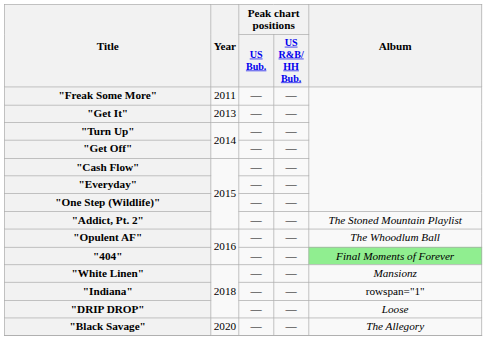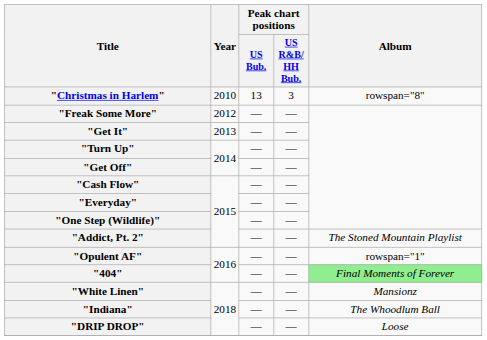 <table class="wikitable plainrowheaders" style="text-align:center;">
 <tr>
 <th scope="col" rowspan="2" style="width:18em;">Title</th>
 <th scope="col" rowspan="2" style="width:1em;">Year</th>
 <th scope="col" colspan="2">Peak chart positions</th>
 <th scope="col" rowspan="2" style="width:15em;">Album</th>
 </tr>
 <tr>
 <th scope="col" style="width:3em;font-size:90%;"><a href='#'>US<br>Bub.</a><br></th>
 <th scope="col" style="width:3em;font-size:90%;"><a href='#'>US R&B/<br>HH<br>Bub.</a><br></th>
 </tr>
 <tr>
+<th scope="row">"<a href='#'>Christmas in Harlem</a>"<br></th>
+<td>2010</td>
+<td>13</td>
+<td>3</td>
+<td>rowspan="8" </td>
+</tr>
+<tr>
 <th scope="row">"Freak Some More"<br></th>
-<td>2011</td>
+<td>2012</td>
 <td>—</td>
 <td>—</td>
 </tr>
 <tr>
 <th scope="row">"Get It"<br></th>
 <td>2013</td>
 <td>—</td>
 <td>—</td>
 </tr>
 <tr>
 <th scope="row">"Turn Up"<br></th>
 <td rowspan="2">2014</td>
 <td>—</td>
 <td>—</td>
 </tr>
 <tr>
 <th scope="row">"Get Off"<br></th>
 <td>—</td>
 <td>—</td>
 </tr>
 <tr>
 <th scope="row">"Cash Flow"<br></th>
 <td rowspan="4">2015</td>
 <td>—</td>
 <td>—</td>
 </tr>
 <tr>
 <th scope="row">"Everyday"<br></th>
 <td>—</td>
 <td>—</td>
 </tr>
 <tr>
 <th scope="row">"One Step (Wildlife)"<br></th>
 <td>—</td>
 <td>—</td>
 </tr>
 <tr>
 <th scope="row">"Addict, Pt. 2"<br></th>
 <td>—</td>
 <td>—</td>
 <td><em>The Stoned Mountain Playlist</em></td>
 </tr>
 <tr>
 <th scope="row">"Opulent AF"<br></th>
 <td rowspan="2">2016</td>
 <td>—</td>
 <td>—</td>
-<td><em>The Whoodlum Ball</em></td>
+<td>rowspan="1" </td>
 </tr>
 <tr>
 <th scope="row">"404"<br></th>
 <td>—</td>
 <td>—</td>
 <td style="background: lightgreen;"><em>Final Moments of Forever</em></td>
 </tr>
 <tr>
 <th scope="row">"White Linen"<br></th>
 <td rowspan="3">2018</td>
 <td>—</td>
 <td>—</td>
 <td><em>Mansionz</em></td>
 </tr>
 <tr>
 <th scope="row">"Indiana"<br></th>
 <td>—</td>
 <td>—</td>
-<td>rowspan="1" </td>
+<td><em>The Whoodlum Ball</em></td>
 </tr>
 <tr>
 <th scope="row">"DRIP DROP"<br></th>
 <td>—</td>
 <td>—</td>
 <td><em>Loose</em></td>
 </tr>
 <tr>
-<th scope="row">"Black Savage"<br></th>
-<td rowspan="1">2020</td>
-<td>—</td>
-<td>—</td>
-<td><em>The Allegory</em></td>
-</tr>
-<tr>
 </tr>
 </table>
